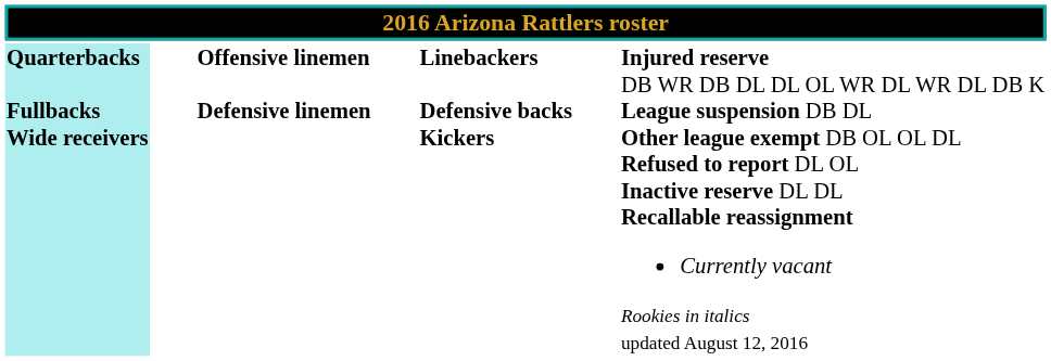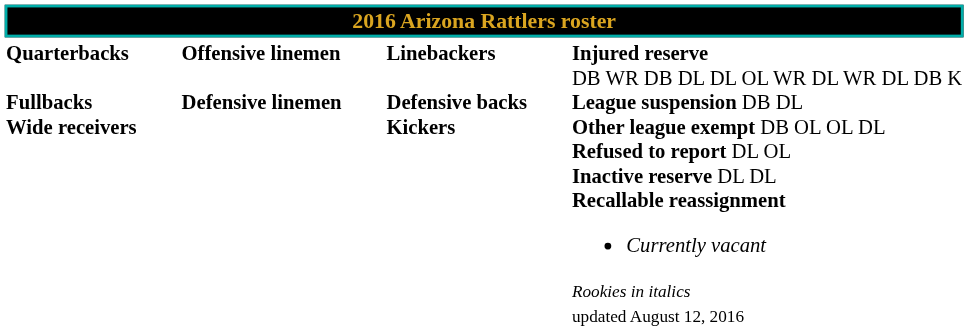 <table class="toccolours" style="text-align: left;">
 <tr>
 <th colspan=7 style="background:#000; border: 2px solid #00ADA9; color:#DAA520; text-align:center;"><strong>2016 Arizona Rattlers roster</strong></th>
 </tr>
 <tr>
-<td style="background: paleturquoise; font-size: 95%;vertical-align:top;"><strong>Quarterbacks</strong><br> <br><strong>Fullbacks</strong> <br><strong>Wide receivers</strong>      </td>
+<td style="font-size: 95%;vertical-align:top;"><strong>Quarterbacks</strong><br> <br><strong>Fullbacks</strong> <br><strong>Wide receivers</strong>      </td>
 <td style="width: 25px;"></td>
 <td style="font-size: 95%;vertical-align:top;"><strong>Offensive linemen</strong><br>   <br><strong>Defensive linemen</strong>    </td>
 <td style="width: 25px;"></td>
 <td style="font-size: 95%;vertical-align:top;"><strong>Linebackers</strong><br><br><strong>Defensive backs</strong>     <br><strong>Kickers</strong>  </td>
 <td style="width: 25px;"></td>
 <td style="font-size: 95%;vertical-align:top;"><strong>Injured reserve</strong><br> DB  WR  DB  DL  DL  OL  WR  DL  WR  DL  DB  K<br><strong>League suspension</strong>  DB  DL<br><strong>Other league exempt</strong>  DB  OL  OL  DL<br><strong>Refused to report</strong>  DL  OL<br><strong>Inactive reserve</strong>  DL  DL<br><strong>Recallable reassignment</strong><ul><li><em>Currently vacant</em></li></ul><small><em>Rookies in italics</em><br><span></span> updated August 12, 2016</small><br> </td>
 </tr>
 <tr>
 </tr>
 </table>
